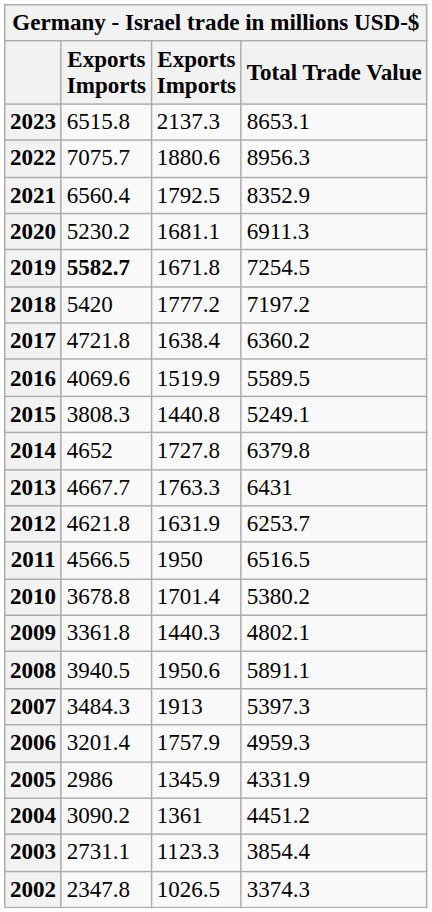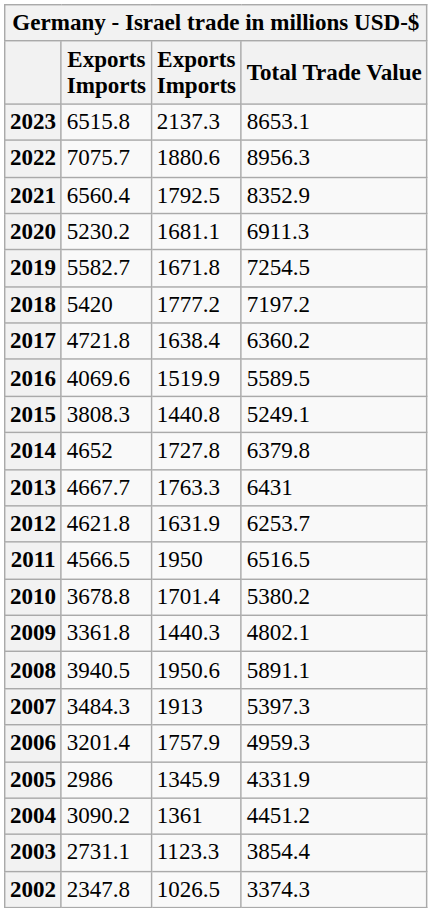 <table class="wikitable mw-collapsible mw-collapsed">
 <tr>
 <th colspan="4">Germany - Israel trade in millions USD-$</th>
 </tr>
 <tr>
 <th></th>
 <th> Exports<br> Imports</th>
 <th> Exports<br> Imports</th>
 <th>Total Trade Value</th>
 </tr>
 <tr>
 <th>2023</th>
 <td>6515.8</td>
 <td>2137.3</td>
 <td>8653.1</td>
 </tr>
 <tr>
 <th>2022</th>
 <td>7075.7</td>
 <td>1880.6</td>
 <td>8956.3</td>
 </tr>
 <tr>
 <th>2021</th>
 <td>6560.4</td>
 <td>1792.5</td>
 <td>8352.9</td>
 </tr>
 <tr>
 <th>2020</th>
 <td>5230.2</td>
 <td>1681.1</td>
 <td>6911.3</td>
 </tr>
 <tr>
 <th>2019</th>
-<td><strong>5582.7</strong></td>
+<td>5582.7</td>
 <td>1671.8</td>
 <td>7254.5</td>
 </tr>
 <tr>
 <th>2018</th>
 <td>5420</td>
 <td>1777.2</td>
 <td>7197.2</td>
 </tr>
 <tr>
 <th>2017</th>
 <td>4721.8</td>
 <td>1638.4</td>
 <td>6360.2</td>
 </tr>
 <tr>
 <th>2016</th>
 <td>4069.6</td>
 <td>1519.9</td>
 <td>5589.5</td>
 </tr>
 <tr>
 <th>2015</th>
 <td>3808.3</td>
 <td>1440.8</td>
 <td>5249.1</td>
 </tr>
 <tr>
 <th>2014</th>
 <td>4652</td>
 <td>1727.8</td>
 <td>6379.8</td>
 </tr>
 <tr>
 <th>2013</th>
 <td>4667.7</td>
 <td>1763.3</td>
 <td>6431</td>
 </tr>
 <tr>
 <th>2012</th>
 <td>4621.8</td>
 <td>1631.9</td>
 <td>6253.7</td>
 </tr>
 <tr>
 <th>2011</th>
 <td>4566.5</td>
 <td>1950</td>
 <td>6516.5</td>
 </tr>
 <tr>
 <th>2010</th>
 <td>3678.8</td>
 <td>1701.4</td>
 <td>5380.2</td>
 </tr>
 <tr>
 <th>2009</th>
 <td>3361.8</td>
 <td>1440.3</td>
 <td>4802.1</td>
 </tr>
 <tr>
 <th>2008</th>
 <td>3940.5</td>
 <td>1950.6</td>
 <td>5891.1</td>
 </tr>
 <tr>
 <th>2007</th>
 <td>3484.3</td>
 <td>1913</td>
 <td>5397.3</td>
 </tr>
 <tr>
 <th>2006</th>
 <td>3201.4</td>
 <td>1757.9</td>
 <td>4959.3</td>
 </tr>
 <tr>
 <th>2005</th>
 <td>2986</td>
 <td>1345.9</td>
 <td>4331.9</td>
 </tr>
 <tr>
 <th>2004</th>
 <td>3090.2</td>
 <td>1361</td>
 <td>4451.2</td>
 </tr>
 <tr>
 <th>2003</th>
 <td>2731.1</td>
 <td>1123.3</td>
 <td>3854.4</td>
 </tr>
 <tr>
 <th>2002</th>
 <td>2347.8</td>
 <td>1026.5</td>
 <td>3374.3</td>
 </tr>
 </table>
